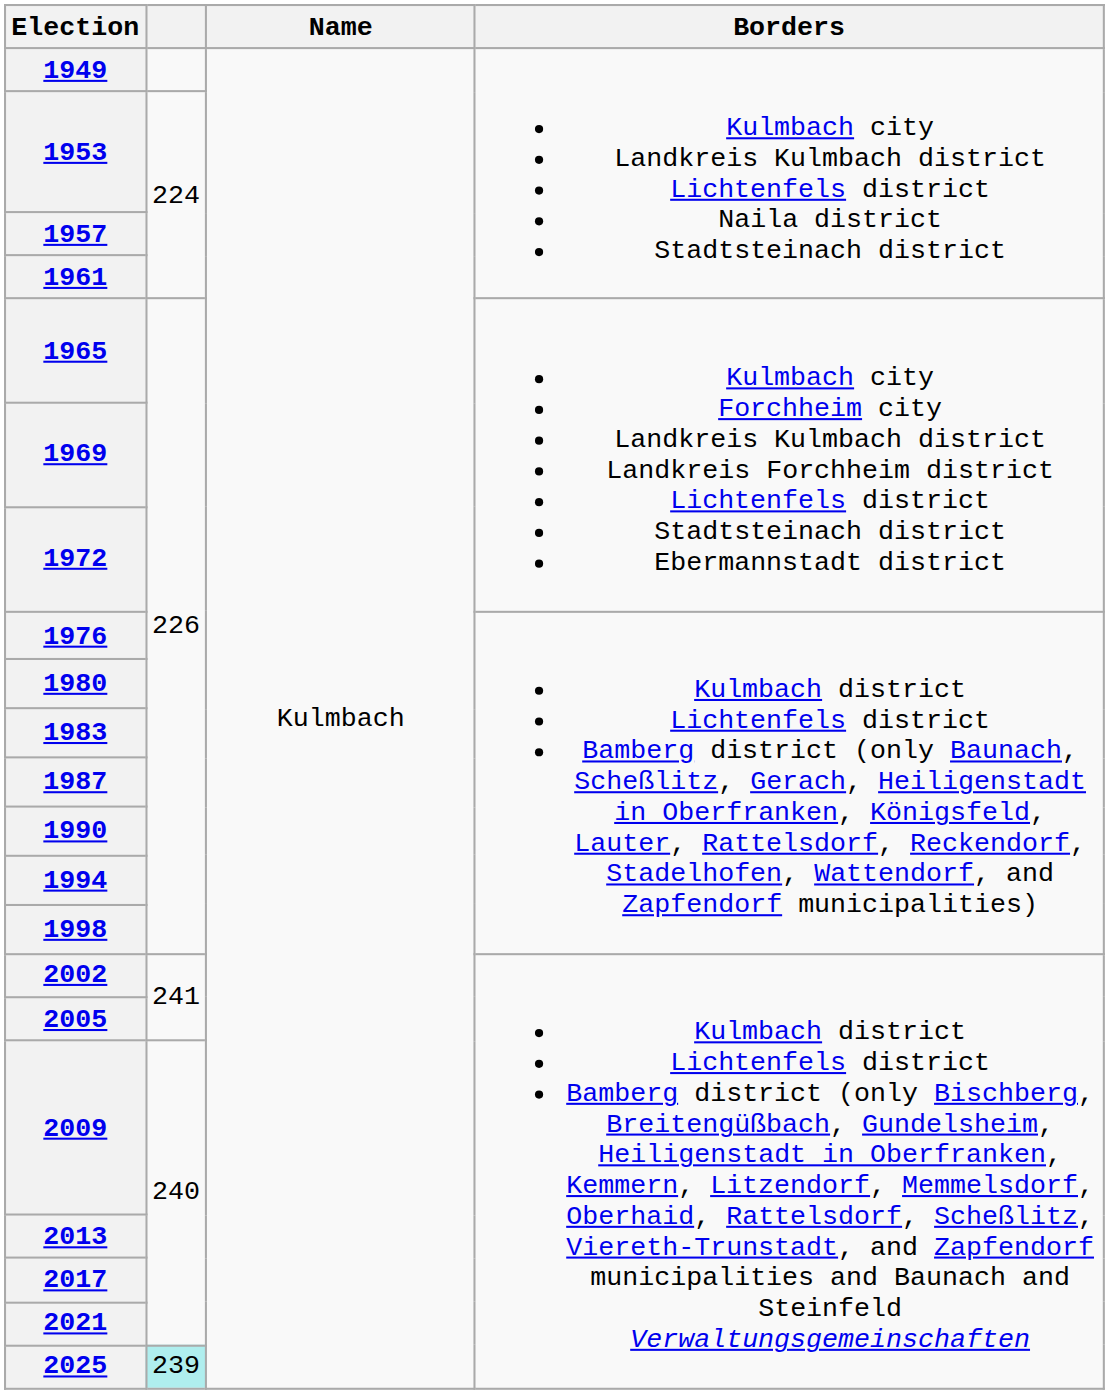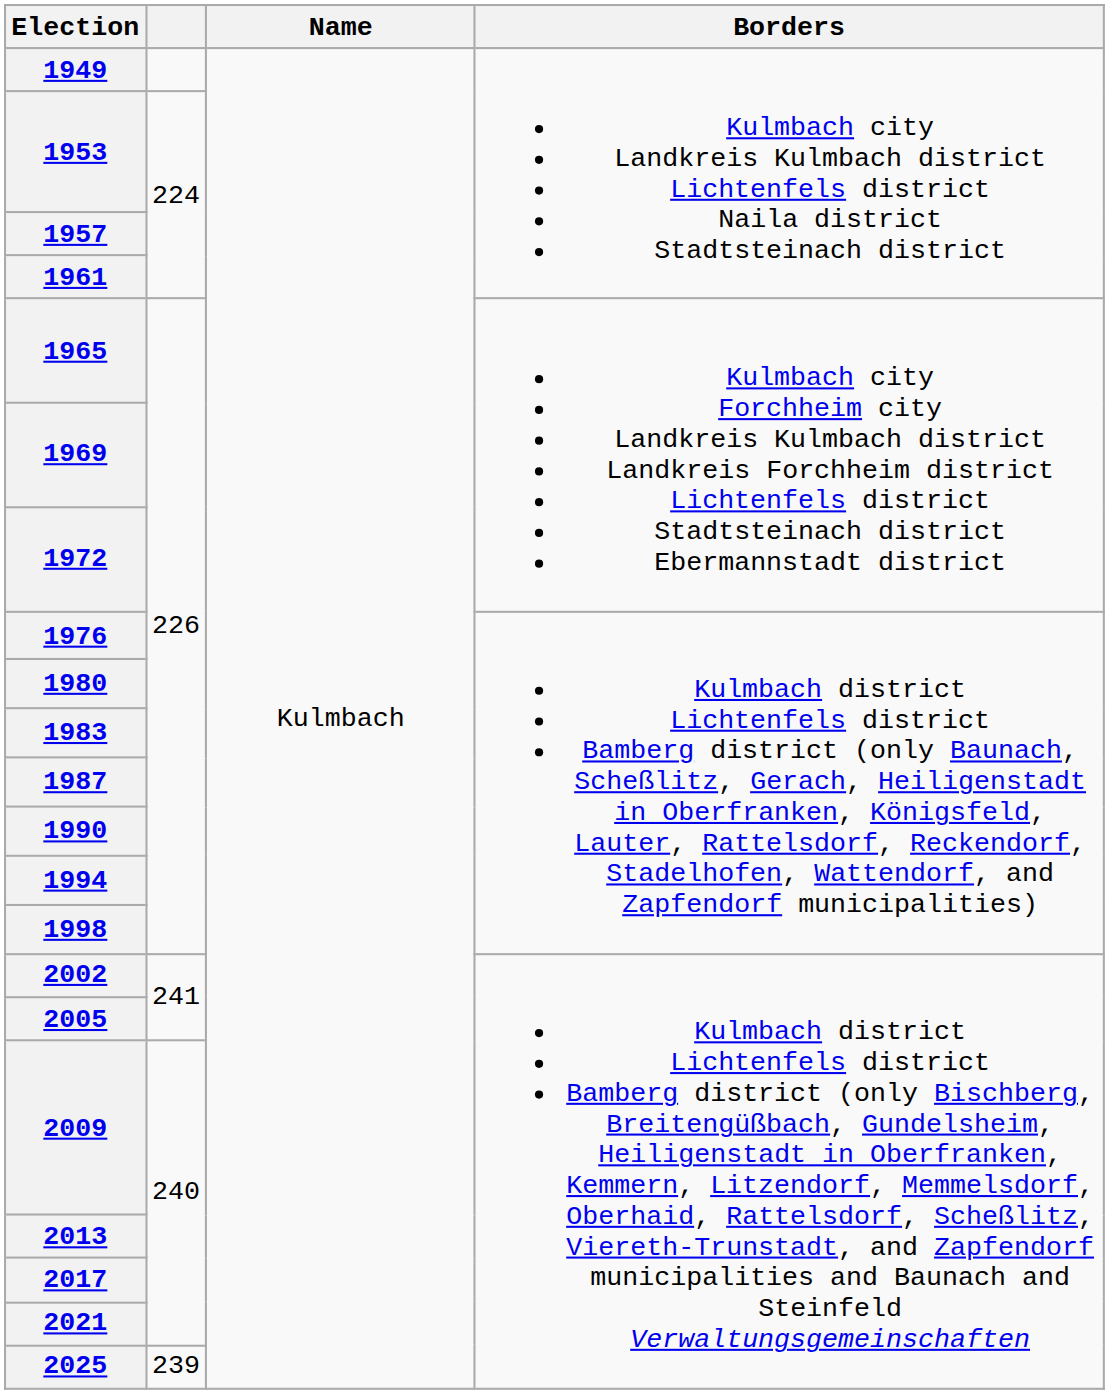 <table class=wikitable style="text-align:center">
 <tr>
 <th>Election</th>
 <th></th>
 <th width=125px>Name</th>
 <th width=300px>Borders</th>
 </tr>
 <tr>
 <th><a href='#'>1949</a></th>
 <td></td>
 <td rowspan=21>Kulmbach</td>
 <td rowspan=4><br><ul><li><a href='#'>Kulmbach</a> city</li><li>Landkreis Kulmbach district</li><li><a href='#'>Lichtenfels</a> district</li><li>Naila district</li><li>Stadtsteinach district</li></ul></td>
 </tr>
 <tr>
 <th><a href='#'>1953</a></th>
 <td rowspan=3>224</td>
 </tr>
 <tr>
 <th><a href='#'>1957</a></th>
 </tr>
 <tr>
 <th><a href='#'>1961</a></th>
 </tr>
 <tr>
 <th><a href='#'>1965</a></th>
 <td rowspan=10>226</td>
 <td rowspan=3><br><ul><li><a href='#'>Kulmbach</a> city</li><li><a href='#'>Forchheim</a> city</li><li>Landkreis Kulmbach district</li><li>Landkreis Forchheim district</li><li><a href='#'>Lichtenfels</a> district</li><li>Stadtsteinach district</li><li>Ebermannstadt district</li></ul></td>
 </tr>
 <tr>
 <th><a href='#'>1969</a></th>
 </tr>
 <tr>
 <th><a href='#'>1972</a></th>
 </tr>
 <tr>
 <th><a href='#'>1976</a></th>
 <td rowspan=7><br><ul><li><a href='#'>Kulmbach</a> district</li><li><a href='#'>Lichtenfels</a> district</li><li><a href='#'>Bamberg</a> district (only <a href='#'>Baunach</a>, <a href='#'>Scheßlitz</a>, <a href='#'>Gerach</a>, <a href='#'>Heiligenstadt in Oberfranken</a>, <a href='#'>Königsfeld</a>, <a href='#'>Lauter</a>, <a href='#'>Rattelsdorf</a>, <a href='#'>Reckendorf</a>, <a href='#'>Stadelhofen</a>, <a href='#'>Wattendorf</a>, and <a href='#'>Zapfendorf</a> municipalities)</li></ul></td>
 </tr>
 <tr>
 <th><a href='#'>1980</a></th>
 </tr>
 <tr>
 <th><a href='#'>1983</a></th>
 </tr>
 <tr>
 <th><a href='#'>1987</a></th>
 </tr>
 <tr>
 <th><a href='#'>1990</a></th>
 </tr>
 <tr>
 <th><a href='#'>1994</a></th>
 </tr>
 <tr>
 <th><a href='#'>1998</a></th>
 </tr>
 <tr>
 <th><a href='#'>2002</a></th>
 <td rowspan=2>241</td>
 <td rowspan=7><br><ul><li><a href='#'>Kulmbach</a> district</li><li><a href='#'>Lichtenfels</a> district</li><li><a href='#'>Bamberg</a> district (only <a href='#'>Bischberg</a>, <a href='#'>Breitengüßbach</a>, <a href='#'>Gundelsheim</a>, <a href='#'>Heiligenstadt in Oberfranken</a>, <a href='#'>Kemmern</a>, <a href='#'>Litzendorf</a>, <a href='#'>Memmelsdorf</a>, <a href='#'>Oberhaid</a>, <a href='#'>Rattelsdorf</a>, <a href='#'>Scheßlitz</a>, <a href='#'>Viereth-Trunstadt</a>, and <a href='#'>Zapfendorf</a> municipalities and Baunach and Steinfeld <em><a href='#'>Verwaltungsgemeinschaften</a></em></li></ul></td>
 </tr>
 <tr>
 <th><a href='#'>2005</a></th>
 </tr>
 <tr>
 <th><a href='#'>2009</a></th>
 <td rowspan=4>240</td>
 </tr>
 <tr>
 <th><a href='#'>2013</a></th>
 </tr>
 <tr>
 <th><a href='#'>2017</a></th>
 </tr>
 <tr>
 <th><a href='#'>2021</a></th>
 </tr>
 <tr>
 <th><a href='#'>2025</a></th>
-<td style="background: paleturquoise;">239</td>
+<td>239</td>
 </tr>
 </table>
